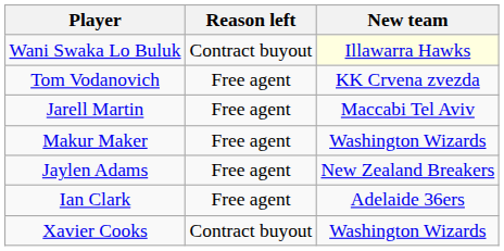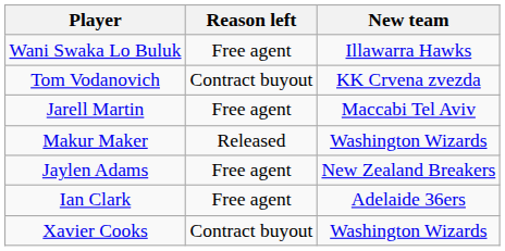 <table class="wikitable sortable sortable" style="text-align: center">
 <tr>
 <th>Player</th>
 <th>Reason left</th>
 <th>New team</th>
 </tr>
 <tr>
 <td><a href='#'>Wani Swaka Lo Buluk</a></td>
-<td>Contract buyout</td>
-<td style="background: lightyellow;"><a href='#'>Illawarra Hawks</a></td>
+<td>Free agent</td>
+<td><a href='#'>Illawarra Hawks</a></td>
 </tr>
 <tr>
 <td><a href='#'>Tom Vodanovich</a></td>
-<td>Free agent</td>
+<td>Contract buyout</td>
 <td><a href='#'>KK Crvena zvezda</a></td>
 </tr>
 <tr>
 <td><a href='#'>Jarell Martin</a></td>
 <td>Free agent</td>
 <td><a href='#'>Maccabi Tel Aviv</a></td>
 </tr>
 <tr>
 <td><a href='#'>Makur Maker</a></td>
-<td>Free agent</td>
+<td>Released</td>
 <td><a href='#'>Washington Wizards</a></td>
 </tr>
 <tr>
 <td><a href='#'>Jaylen Adams</a></td>
 <td>Free agent</td>
 <td><a href='#'>New Zealand Breakers</a></td>
 </tr>
 <tr>
 <td><a href='#'>Ian Clark</a></td>
 <td>Free agent</td>
 <td><a href='#'>Adelaide 36ers</a></td>
 </tr>
 <tr>
 <td><a href='#'>Xavier Cooks</a></td>
 <td>Contract buyout</td>
 <td><a href='#'>Washington Wizards</a></td>
 </tr>
 </table>
